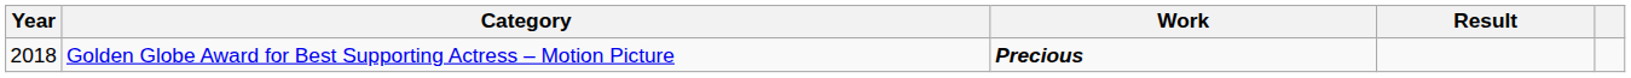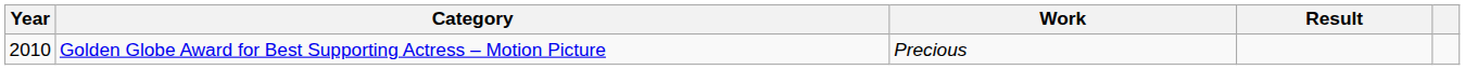 <table class="wikitable">
 <tr>
 <th scope="col" style="width:1em;">Year</th>
 <th scope="col" style="width:44em;">Category</th>
 <th scope="col" style="width:18em;">Work</th>
 <th scope="col" style="width:10em;">Result</th>
 <th class="unsortable" style="width:1em;"></th>
 </tr>
 <tr>
-<td>2018</td>
+<td>2010</td>
 <td><a href='#'>Golden Globe Award for Best Supporting Actress – Motion Picture</a></td>
-<td><strong><em>Precious</em></strong></td>
+<td><em>Precious</em></td>
 <td></td>
 <td></td>
 </tr>
 </table>
